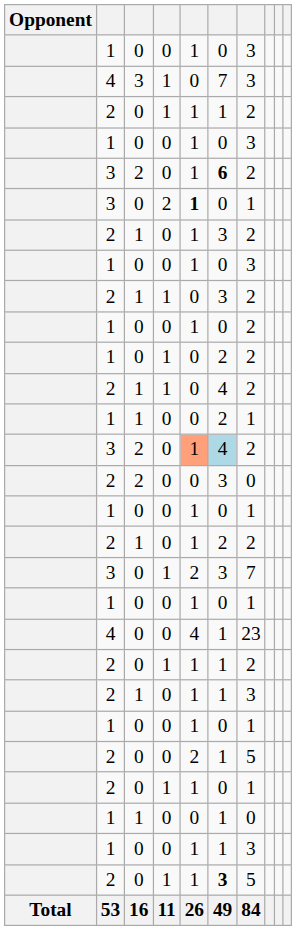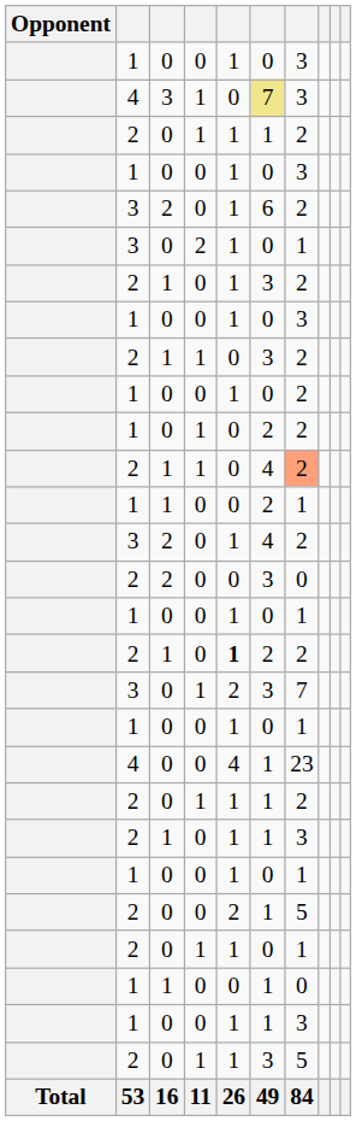 <table class="wikitable plainrowheaders sortable" style="text-align:center">
 <tr>
 <th scope=col>Opponent</th>
 <th scope=col></th>
 <th scope=col></th>
 <th scope=col></th>
 <th scope=col></th>
 <th scope=col></th>
 <th scope=col></th>
 <th scope=col></th>
 <th scope=col></th>
 <th scope=col></th>
 </tr>
 <tr>
 <th scope=row style="text-align:left;"></th>
 <td>1</td>
 <td>0</td>
 <td>0</td>
 <td>1</td>
 <td>0</td>
 <td>3</td>
 <td></td>
 <td></td>
 <td></td>
 </tr>
 <tr>
 <th scope=row style="text-align:left;"></th>
 <td>4</td>
 <td>3</td>
 <td>1</td>
 <td>0</td>
-<td>7</td>
+<td style="background: khaki;">7</td>
 <td>3</td>
 <td></td>
 <td></td>
 <td></td>
 </tr>
 <tr>
 <th scope=row style="text-align:left;"></th>
 <td>2</td>
 <td>0</td>
 <td>1</td>
 <td>1</td>
 <td>1</td>
 <td>2</td>
 <td></td>
 <td></td>
 <td></td>
 </tr>
 <tr>
 <th scope=row style="text-align:left;"></th>
 <td>1</td>
 <td>0</td>
 <td>0</td>
 <td>1</td>
 <td>0</td>
 <td>3</td>
 <td></td>
 <td></td>
 <td></td>
 </tr>
 <tr>
 <th scope=row style="text-align:left;"></th>
 <td>3</td>
 <td>2</td>
 <td>0</td>
 <td>1</td>
-<td><strong>6</strong></td>
+<td>6</td>
 <td>2</td>
 <td></td>
 <td></td>
 <td></td>
 </tr>
 <tr>
 <th scope=row style="text-align:left;"></th>
 <td>3</td>
 <td>0</td>
 <td>2</td>
-<td><strong>1</strong></td>
+<td>1</td>
 <td>0</td>
 <td>1</td>
 <td></td>
 <td></td>
 <td></td>
 </tr>
 <tr>
 <th scope=row style="text-align:left;"></th>
 <td>2</td>
 <td>1</td>
 <td>0</td>
 <td>1</td>
 <td>3</td>
 <td>2</td>
 <td></td>
 <td></td>
 <td></td>
 </tr>
 <tr>
 <th scope=row style="text-align:left;"></th>
 <td>1</td>
 <td>0</td>
 <td>0</td>
 <td>1</td>
 <td>0</td>
 <td>3</td>
 <td></td>
 <td></td>
 <td></td>
 </tr>
 <tr>
 <th scope=row style="text-align:left;"></th>
 <td>2</td>
 <td>1</td>
 <td>1</td>
 <td>0</td>
 <td>3</td>
 <td>2</td>
 <td></td>
 <td></td>
 <td></td>
 </tr>
 <tr>
 <th scope=row style="text-align:left;"></th>
 <td>1</td>
 <td>0</td>
 <td>0</td>
 <td>1</td>
 <td>0</td>
 <td>2</td>
 <td></td>
 <td></td>
 <td></td>
 </tr>
 <tr>
 <th scope=row style="text-align:left;"></th>
 <td>1</td>
 <td>0</td>
 <td>1</td>
 <td>0</td>
 <td>2</td>
 <td>2</td>
 <td></td>
 <td></td>
 <td></td>
 </tr>
 <tr>
 <th scope=row style="text-align:left;"></th>
 <td>2</td>
 <td>1</td>
 <td>1</td>
 <td>0</td>
 <td>4</td>
-<td>2</td>
+<td style="background: lightsalmon;">2</td>
 <td></td>
 <td></td>
 <td></td>
 </tr>
 <tr>
 <th scope=row style="text-align:left;"></th>
 <td>1</td>
 <td>1</td>
 <td>0</td>
 <td>0</td>
 <td>2</td>
 <td>1</td>
 <td></td>
 <td></td>
 <td></td>
 </tr>
 <tr>
 <th scope=row style="text-align:left;"></th>
 <td>3</td>
 <td>2</td>
 <td>0</td>
-<td style="background: lightsalmon;">1</td>
-<td style="background: lightblue;">4</td>
+<td>1</td>
+<td>4</td>
 <td>2</td>
 <td></td>
 <td></td>
 <td></td>
 </tr>
 <tr>
 <th scope=row style="text-align:left;"></th>
 <td>2</td>
 <td>2</td>
 <td>0</td>
 <td>0</td>
 <td>3</td>
 <td>0</td>
 <td></td>
 <td></td>
 <td></td>
 </tr>
 <tr>
 <th scope=row style="text-align:left;"></th>
 <td>1</td>
 <td>0</td>
 <td>0</td>
 <td>1</td>
 <td>0</td>
 <td>1</td>
 <td></td>
 <td></td>
 <td></td>
 </tr>
 <tr>
 <th scope=row style="text-align:left;"></th>
 <td>2</td>
 <td>1</td>
 <td>0</td>
-<td>1</td>
+<td><strong>1</strong></td>
 <td>2</td>
 <td>2</td>
 <td></td>
 <td></td>
 <td></td>
 </tr>
 <tr>
 <th scope=row style="text-align:left;"></th>
 <td>3</td>
 <td>0</td>
 <td>1</td>
 <td>2</td>
 <td>3</td>
 <td>7</td>
 <td></td>
 <td></td>
 <td></td>
 </tr>
 <tr>
 <th scope=row style="text-align:left;"></th>
 <td>1</td>
 <td>0</td>
 <td>0</td>
 <td>1</td>
 <td>0</td>
 <td>1</td>
 <td></td>
 <td></td>
 <td></td>
 </tr>
 <tr>
 <th scope=row style="text-align:left;"></th>
 <td>4</td>
 <td>0</td>
 <td>0</td>
 <td>4</td>
 <td>1</td>
 <td>23</td>
 <td></td>
 <td></td>
 <td></td>
 </tr>
 <tr>
 <th scope=row style="text-align:left;"></th>
 <td>2</td>
 <td>0</td>
 <td>1</td>
 <td>1</td>
 <td>1</td>
 <td>2</td>
 <td></td>
 <td></td>
 <td></td>
 </tr>
 <tr>
 <th scope=row style="text-align:left;"></th>
 <td>2</td>
 <td>1</td>
 <td>0</td>
 <td>1</td>
 <td>1</td>
 <td>3</td>
 <td></td>
 <td></td>
 <td></td>
 </tr>
 <tr>
 <th scope=row style="text-align:left;"></th>
 <td>1</td>
 <td>0</td>
 <td>0</td>
 <td>1</td>
 <td>0</td>
 <td>1</td>
 <td></td>
 <td></td>
 <td></td>
 </tr>
 <tr>
 <th scope="row" style="text-align:left;"></th>
 <td>2</td>
 <td>0</td>
 <td>0</td>
 <td>2</td>
 <td>1</td>
 <td>5</td>
 <td></td>
 <td></td>
 <td></td>
 </tr>
 <tr>
 <th scope="row" style="text-align:left;"></th>
 <td>2</td>
 <td>0</td>
 <td>1</td>
 <td>1</td>
 <td>0</td>
 <td>1</td>
 <td></td>
 <td></td>
 <td></td>
 </tr>
 <tr>
 <th scope=row style="text-align:left;"></th>
 <td>1</td>
 <td>1</td>
 <td>0</td>
 <td>0</td>
 <td>1</td>
 <td>0</td>
 <td></td>
 <td></td>
 <td></td>
 </tr>
 <tr>
 <th scope=row style="text-align:left;"></th>
 <td>1</td>
 <td>0</td>
 <td>0</td>
 <td>1</td>
 <td>1</td>
 <td>3</td>
 <td></td>
 <td></td>
 <td></td>
 </tr>
 <tr>
 <th scope=row style="text-align:left;"></th>
 <td>2</td>
 <td>0</td>
 <td>1</td>
 <td>1</td>
-<td><strong>3</strong></td>
+<td>3</td>
 <td>5</td>
 <td></td>
 <td></td>
 <td></td>
 </tr>
 <tr class="sortbottom">
 <th>Total</th>
 <th>53</th>
 <th>16</th>
 <th>11</th>
 <th>26</th>
 <th>49</th>
 <th>84</th>
 <th></th>
 <th></th>
 <th></th>
 </tr>
 </table>
